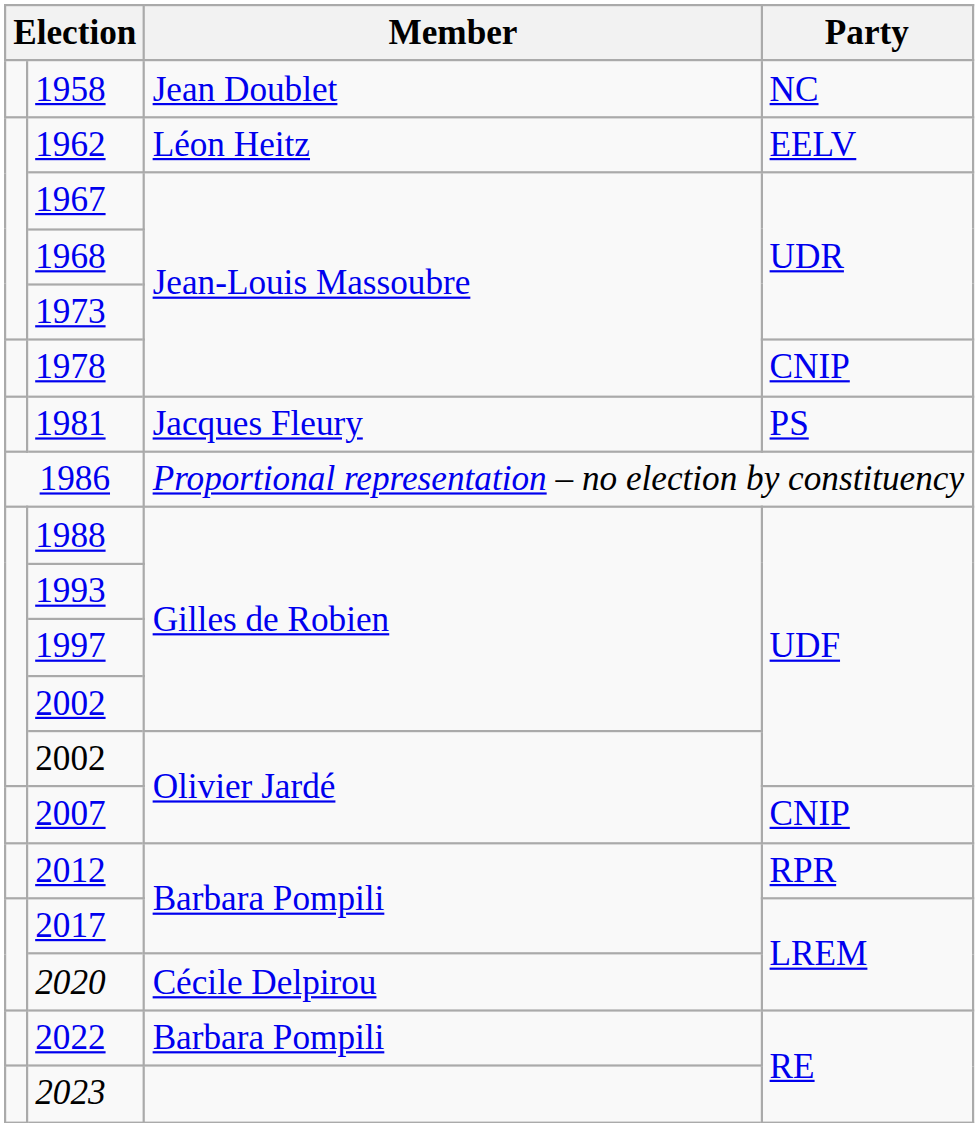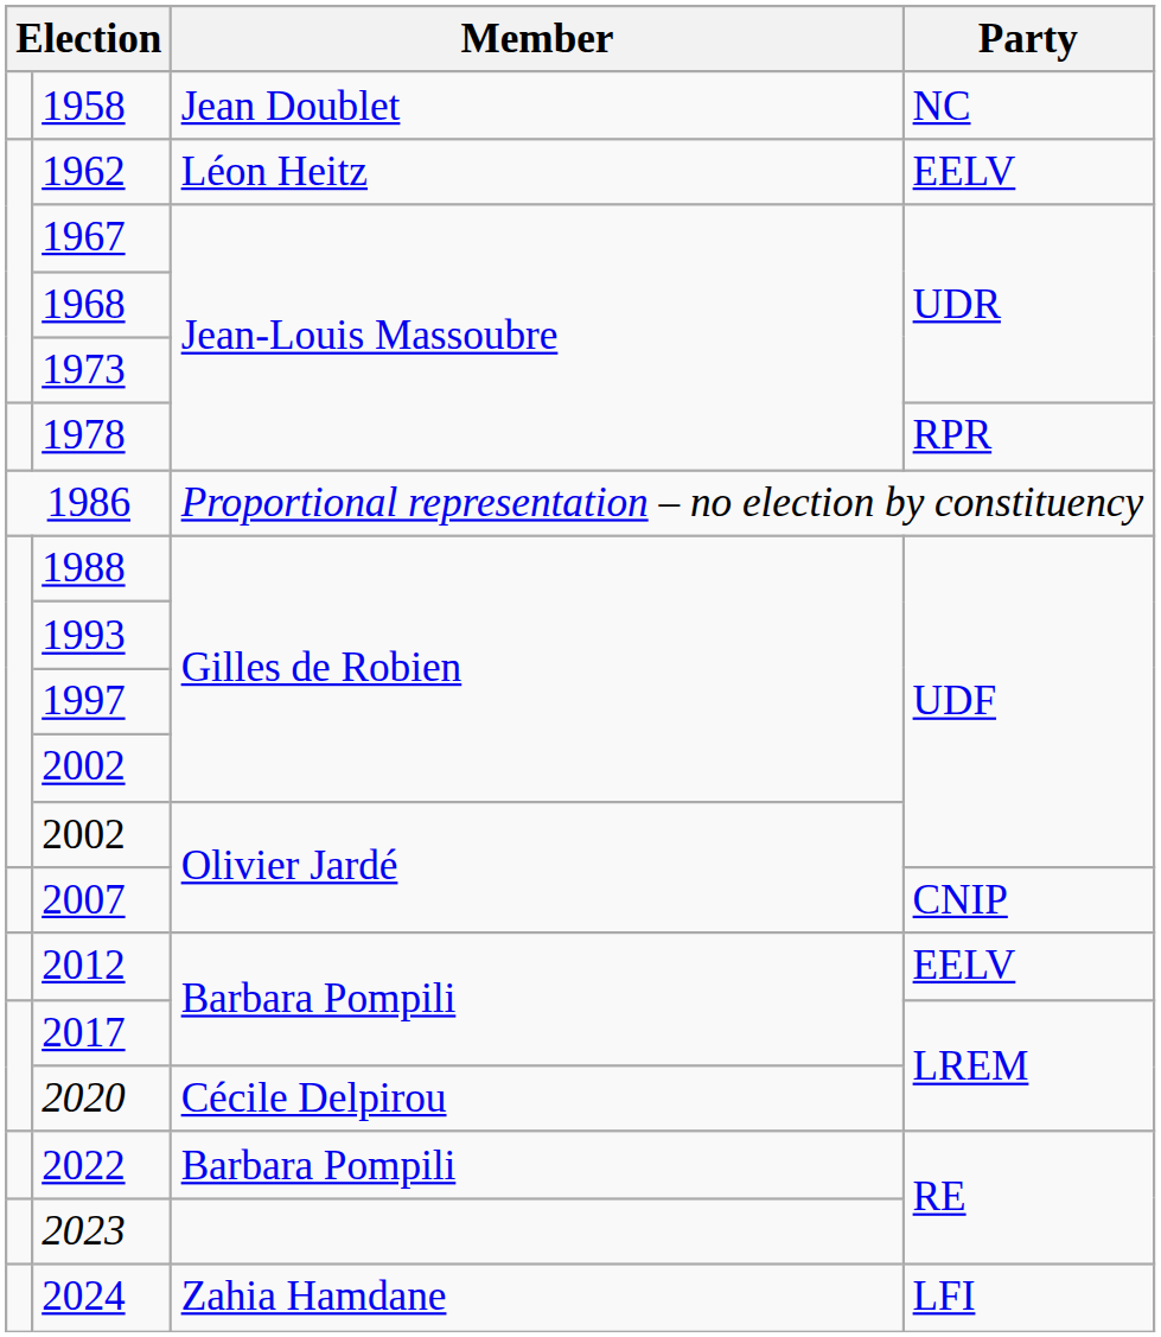 <table class="wikitable">
 <tr>
 <th colspan="2">Election</th>
 <th>Member</th>
 <th>Party</th>
 </tr>
 <tr>
 <td style="color:inherit;background-color: "></td>
 <td><a href='#'>1958</a></td>
 <td><a href='#'>Jean Doublet</a></td>
 <td><a href='#'>NC</a></td>
 </tr>
 <tr>
 <td rowspan="4" style="color:inherit;background-color: "></td>
 <td><a href='#'>1962</a></td>
 <td><a href='#'>Léon Heitz</a></td>
 <td><a href='#'>EELV</a></td>
 </tr>
 <tr>
 <td><a href='#'>1967</a></td>
 <td rowspan="4"><a href='#'>Jean-Louis Massoubre</a></td>
 <td rowspan="3"><a href='#'>UDR</a></td>
 </tr>
 <tr>
 <td><a href='#'>1968</a></td>
 </tr>
 <tr>
 <td><a href='#'>1973</a></td>
 </tr>
 <tr>
 <td style="color:inherit;background-color: "></td>
 <td><a href='#'>1978</a></td>
-<td><a href='#'>CNIP</a></td>
-</tr>
-<tr>
-<td style="color:inherit;background-color: "></td>
-<td><a href='#'>1981</a></td>
-<td><a href='#'>Jacques Fleury</a></td>
-<td><a href='#'>PS</a></td>
+<td><a href='#'>RPR</a></td>
 </tr>
 <tr>
 <td colspan="2" align="center"><a href='#'>1986</a></td>
 <td colspan="2"><em><a href='#'>Proportional representation</a> – no election by constituency</em></td>
 </tr>
 <tr>
 <td rowspan="5" style="color:inherit;background-color: "></td>
 <td><a href='#'>1988</a></td>
 <td rowspan="4"><a href='#'>Gilles de Robien</a></td>
 <td rowspan="5"><a href='#'>UDF</a></td>
 </tr>
 <tr>
 <td><a href='#'>1993</a></td>
 </tr>
 <tr>
 <td><a href='#'>1997</a></td>
 </tr>
 <tr>
 <td><a href='#'>2002</a></td>
 </tr>
 <tr>
 <td>2002</td>
 <td rowspan="2"><a href='#'>Olivier Jardé</a></td>
 </tr>
 <tr>
 <td style="color:inherit;background-color: "></td>
 <td><a href='#'>2007</a></td>
 <td><a href='#'>CNIP</a></td>
 </tr>
 <tr>
 <td style="color:inherit;background-color: "></td>
 <td><a href='#'>2012</a></td>
 <td rowspan="2"><a href='#'>Barbara Pompili</a></td>
-<td><a href='#'>RPR</a></td>
+<td><a href='#'>EELV</a></td>
 </tr>
 <tr>
 <td rowspan="2" style="color:inherit;background:"></td>
 <td><a href='#'>2017</a></td>
 <td rowspan="2"><a href='#'>LREM</a></td>
 </tr>
 <tr>
 <td><em>2020</em></td>
 <td><a href='#'>Cécile Delpirou</a></td>
 </tr>
 <tr>
 <td style="color:inherit;background:"></td>
 <td><a href='#'>2022</a></td>
 <td><a href='#'>Barbara Pompili</a></td>
 <td rowspan="2"><a href='#'>RE</a></td>
 </tr>
 <tr>
 <td style="color:inherit;background:"></td>
 <td><em>2023</em></td>
 <td></td>
 </tr>
+<tr>
+<td style="color:inherit;background:"></td>
+<td><a href='#'>2024</a></td>
+<td><a href='#'>Zahia Hamdane</a></td>
+<td><a href='#'>LFI</a></td>
+</tr>
 </table>
